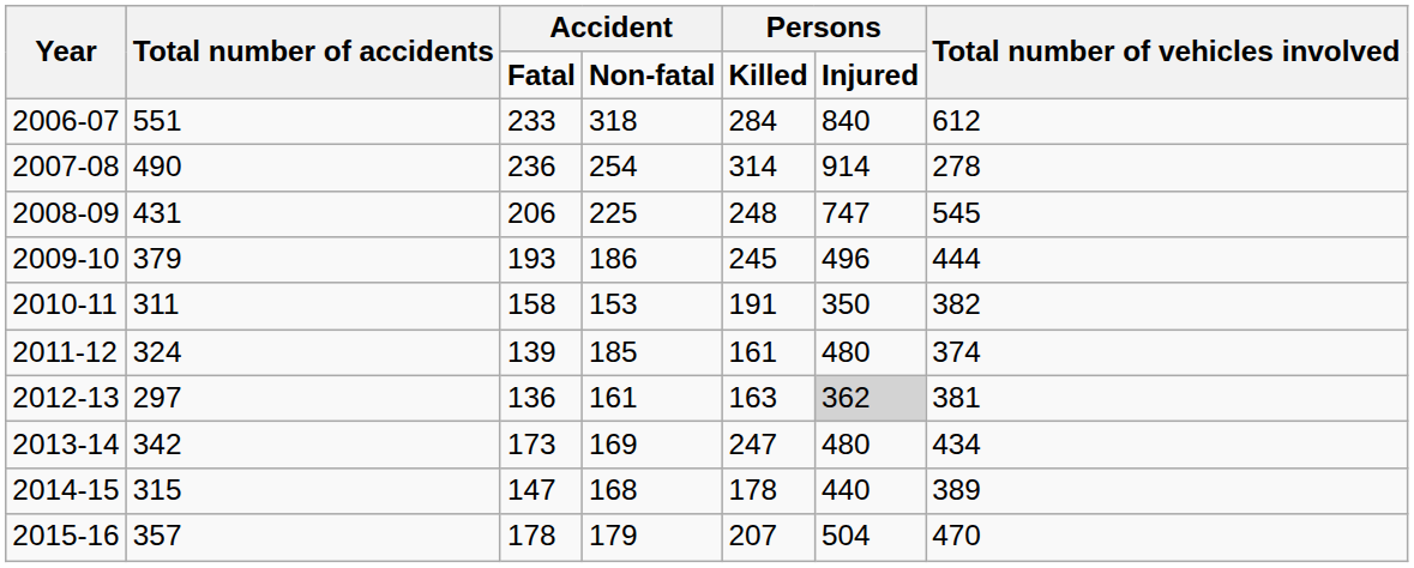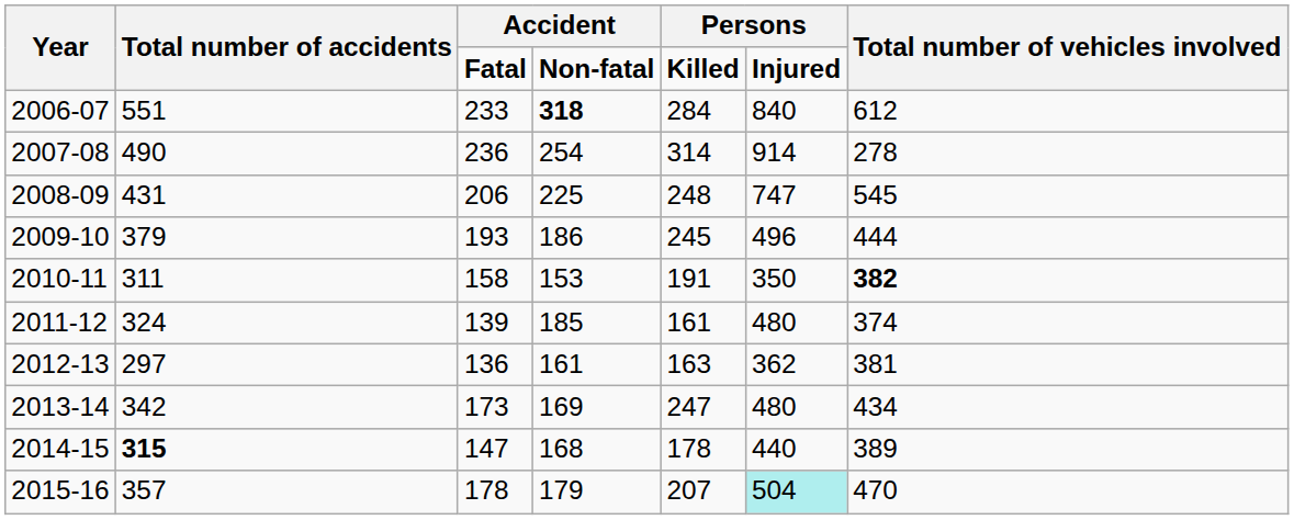 <table class="wikitable">
 <tr>
 <th rowspan="2">Year</th>
 <th rowspan="2">Total number of accidents</th>
 <th colspan="2">Accident</th>
 <th colspan="2">Persons</th>
 <th rowspan="2">Total number of vehicles involved</th>
 </tr>
 <tr>
 <td><strong>Fatal</strong></td>
 <td><strong>Non-fatal</strong></td>
 <td><strong>Killed</strong></td>
 <td><strong>Injured</strong></td>
 </tr>
 <tr>
 <td>2006-07</td>
 <td>551</td>
 <td>233</td>
-<td>318</td>
+<td><strong>318</strong></td>
 <td>284</td>
 <td>840</td>
 <td>612</td>
 </tr>
 <tr>
 <td>2007-08</td>
 <td>490</td>
 <td>236</td>
 <td>254</td>
 <td>314</td>
 <td>914</td>
 <td>278</td>
 </tr>
 <tr>
 <td>2008-09</td>
 <td>431</td>
 <td>206</td>
 <td>225</td>
 <td>248</td>
 <td>747</td>
 <td>545</td>
 </tr>
 <tr>
 <td>2009-10</td>
 <td>379</td>
 <td>193</td>
 <td>186</td>
 <td>245</td>
 <td>496</td>
 <td>444</td>
 </tr>
 <tr>
 <td>2010-11</td>
 <td>311</td>
 <td>158</td>
 <td>153</td>
 <td>191</td>
 <td>350</td>
-<td>382</td>
+<td><strong>382</strong></td>
 </tr>
 <tr>
 <td>2011-12</td>
 <td>324</td>
 <td>139</td>
 <td>185</td>
 <td>161</td>
 <td>480</td>
 <td>374</td>
 </tr>
 <tr>
 <td>2012-13</td>
 <td>297</td>
 <td>136</td>
 <td>161</td>
 <td>163</td>
-<td style="background: lightgrey;">362</td>
+<td>362</td>
 <td>381</td>
 </tr>
 <tr>
 <td>2013-14</td>
 <td>342</td>
 <td>173</td>
 <td>169</td>
 <td>247</td>
 <td>480</td>
 <td>434</td>
 </tr>
 <tr>
 <td>2014-15</td>
-<td>315</td>
+<td><strong>315</strong></td>
 <td>147</td>
 <td>168</td>
 <td>178</td>
 <td>440</td>
 <td>389</td>
 </tr>
 <tr>
 <td>2015-16</td>
 <td>357</td>
 <td>178</td>
 <td>179</td>
 <td>207</td>
-<td>504</td>
+<td style="background: paleturquoise;">504</td>
 <td>470</td>
 </tr>
 </table>
